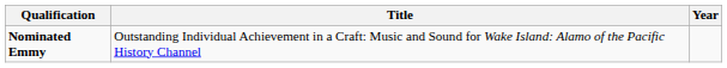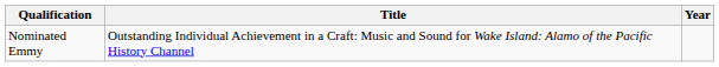 <table class="wikitable sortable mw-collapsible">
 <tr>
 <th>Qualification</th>
 <th>Title</th>
 <th>Year</th>
 </tr>
 <tr>
-<td><strong>Nominated Emmy</strong></td>
+<td>Nominated Emmy</td>
 <td>Outstanding Individual Achievement in a Craft: Music and Sound for <em>Wake Island: Alamo of the Pacific</em> <a href='#'>History Channel</a></td>
 </tr>
 </table>
